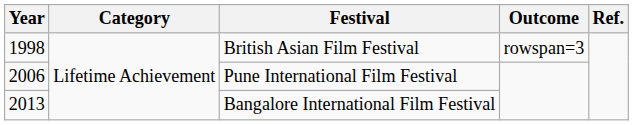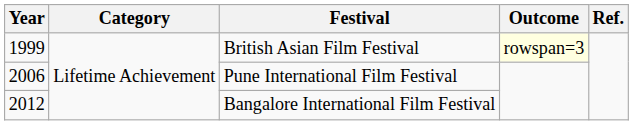 <table class="wikitable">
 <tr>
 <th>Year</th>
 <th>Category</th>
 <th>Festival</th>
 <th>Outcome</th>
 <th>Ref.</th>
 </tr>
 <tr>
-<td>1998</td>
+<td>1999</td>
 <td rowspan=3>Lifetime Achievement</td>
 <td>British Asian Film Festival</td>
-<td>rowspan=3 </td>
+<td style="background: lightyellow;">rowspan=3 </td>
 <td rowspan=3><br><br><br></td>
 </tr>
 <tr>
 <td>2006</td>
 <td>Pune International Film Festival</td>
 </tr>
 <tr>
-<td>2013</td>
+<td>2012</td>
 <td>Bangalore International Film Festival</td>
 </tr>
 </table>
